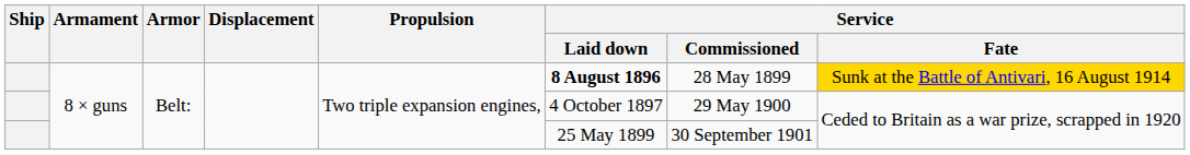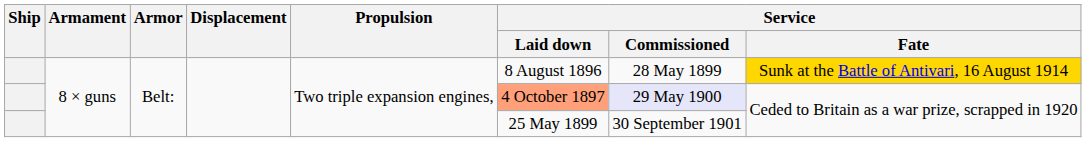 <table class="wikitable plainrowheaders" style="text-align: center;">
 <tr valign="top">
 <th scope="col" rowspan="2">Ship</th>
 <th scope="col" rowspan="2">Armament</th>
 <th scope="col" rowspan="2">Armor</th>
 <th scope="col" rowspan="2">Displacement</th>
 <th scope="col" rowspan="2">Propulsion</th>
 <th scope="col" colspan="3">Service</th>
 </tr>
 <tr valign="top">
 <th scope="col">Laid down</th>
 <th scope="col">Commissioned</th>
 <th scope="col">Fate</th>
 </tr>
 <tr valign="center">
 <th scope="row"></th>
 <td rowspan="3">8 ×  guns</td>
 <td rowspan="3">Belt: </td>
 <td rowspan="3"></td>
 <td rowspan="3">Two triple expansion engines, </td>
-<td><strong>8 August 1896</strong></td>
+<td>8 August 1896</td>
 <td>28 May 1899</td>
 <td style="background: gold;">Sunk at the <a href='#'>Battle of Antivari</a>, 16 August 1914</td>
 </tr>
 <tr valign="center">
 <th scope="row"></th>
-<td>4 October 1897</td>
-<td>29 May 1900</td>
+<td style="background: lightsalmon;">4 October 1897</td>
+<td style="background: lavender;">29 May 1900</td>
 <td rowspan="2">Ceded to Britain as a war prize, scrapped in 1920</td>
 </tr>
 <tr valign="center">
 <th scope="row"></th>
 <td>25 May 1899</td>
 <td>30 September 1901</td>
 </tr>
 </table>
